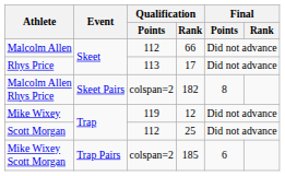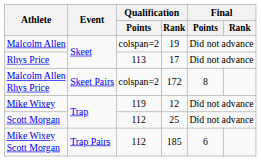 <table class="wikitable" style="font-size:90%;">
 <tr>
 <th rowspan=2>Athlete</th>
 <th rowspan=2>Event</th>
 <th colspan=2>Qualification</th>
 <th colspan=2>Final</th>
 </tr>
 <tr style="font-size:95%">
 <th>Points</th>
 <th>Rank</th>
 <th>Points</th>
 <th>Rank</th>
 </tr>
 <tr align=center>
 <td align=left><a href='#'>Malcolm Allen</a></td>
 <td align=left rowspan=2><a href='#'>Skeet</a></td>
-<td>112</td>
-<td>66</td>
+<td>colspan=2 </td>
+<td>19</td>
 <td colspan=2>Did not advance</td>
 </tr>
 <tr align=center>
 <td align=left><a href='#'>Rhys Price</a></td>
 <td>113</td>
 <td>17</td>
 <td colspan=2>Did not advance</td>
 </tr>
 <tr align=center>
 <td align=left><a href='#'>Malcolm Allen</a><br><a href='#'>Rhys Price</a></td>
 <td align=left rowspan=1><a href='#'>Skeet Pairs</a></td>
 <td>colspan=2 </td>
-<td>182</td>
+<td>172</td>
 <td>8</td>
 </tr>
 <tr align=center>
 <td align=left><a href='#'>Mike Wixey</a></td>
 <td align=left rowspan=2><a href='#'>Trap</a></td>
 <td>119</td>
 <td>12</td>
 <td colspan=2>Did not advance</td>
 </tr>
 <tr align=center>
 <td align=left><a href='#'>Scott Morgan</a></td>
 <td>112</td>
 <td>25</td>
 <td colspan=2>Did not advance</td>
 </tr>
 <tr align=center>
 <td align=left><a href='#'>Mike Wixey</a><br><a href='#'>Scott Morgan</a></td>
 <td align=left rowspan=1><a href='#'>Trap Pairs</a></td>
-<td>colspan=2 </td>
+<td>112</td>
 <td>185</td>
 <td>6</td>
 </tr>
 </table>
